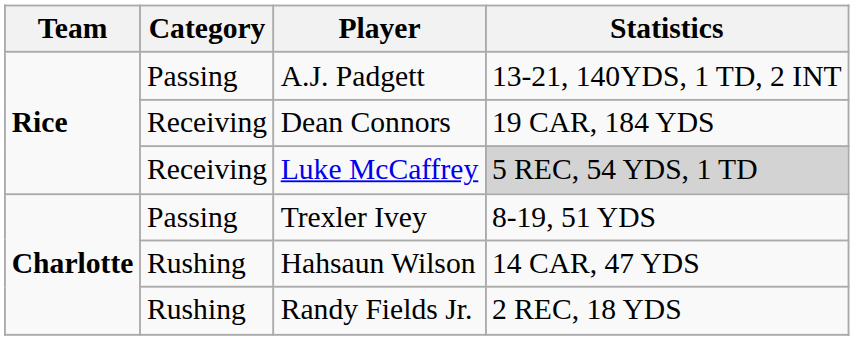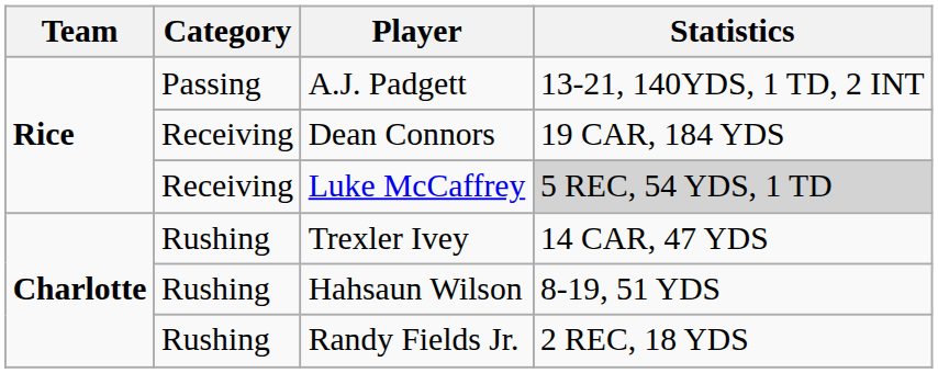 <table class="wikitable" style="float: left;">
 <tr>
 <th>Team</th>
 <th>Category</th>
 <th>Player</th>
 <th>Statistics</th>
 </tr>
 <tr>
 <td rowspan=3><strong>Rice</strong></td>
 <td>Passing</td>
 <td>A.J. Padgett</td>
 <td>13-21, 140YDS, 1 TD, 2 INT</td>
 </tr>
 <tr>
 <td>Receiving</td>
 <td>Dean Connors</td>
 <td>19 CAR, 184 YDS</td>
 </tr>
 <tr>
 <td>Receiving</td>
 <td><a href='#'>Luke McCaffrey</a></td>
 <td style="background: lightgrey;">5 REC, 54 YDS, 1 TD</td>
 </tr>
 <tr>
 <td rowspan=3><strong>Charlotte</strong></td>
-<td>Passing</td>
+<td>Rushing</td>
 <td>Trexler Ivey</td>
-<td>8-19, 51 YDS</td>
+<td>14 CAR, 47 YDS</td>
 </tr>
 <tr>
 <td>Rushing</td>
 <td>Hahsaun Wilson</td>
-<td>14 CAR, 47 YDS</td>
+<td>8-19, 51 YDS</td>
 </tr>
 <tr>
 <td>Rushing</td>
 <td>Randy Fields Jr.</td>
 <td>2 REC, 18 YDS</td>
 </tr>
 </table>
